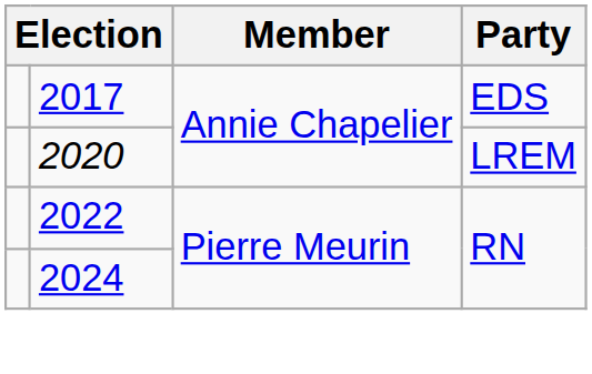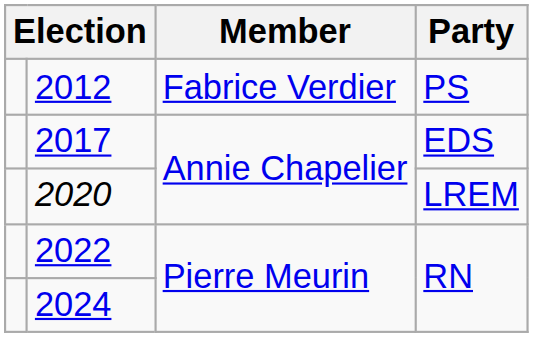 <table class="wikitable">
 <tr>
 <th colspan="2">Election</th>
 <th>Member</th>
 <th>Party</th>
+</tr>
+<tr>
+<td style="color:inherit;background:"></td>
+<td><a href='#'>2012</a></td>
+<td><a href='#'>Fabrice Verdier</a></td>
+<td><a href='#'>PS</a></td>
 </tr>
 <tr>
 <td style="color:inherit;background-color: "></td>
 <td><a href='#'>2017</a></td>
 <td rowspan=2><a href='#'>Annie Chapelier</a></td>
 <td><a href='#'>EDS</a></td>
 </tr>
 <tr>
 <td style="color:inherit;background-color: "></td>
 <td><em>2020</em></td>
 <td><a href='#'>LREM</a></td>
 </tr>
 <tr>
 <td style="color:inherit;background-color: "></td>
 <td><a href='#'>2022</a></td>
 <td rowspan="2"><a href='#'>Pierre Meurin</a></td>
 <td rowspan="2"><a href='#'>RN</a></td>
 </tr>
 <tr>
 <td style="color:inherit;background-color: "></td>
 <td><a href='#'>2024</a></td>
 </tr>
 </table>
